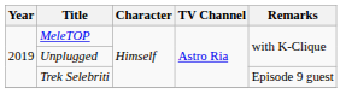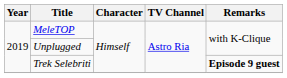 <table class="wikitable">
 <tr>
 <th>Year</th>
 <th>Title</th>
 <th>Character</th>
 <th>TV Channel</th>
 <th>Remarks</th>
 </tr>
 <tr>
 <td rowspan="3">2019</td>
 <td><em><a href='#'>MeleTOP</a></em></td>
 <td rowspan="3"><em>Himself</em></td>
 <td rowspan="3"><a href='#'>Astro Ria</a></td>
 <td rowspan="2">with K-Clique</td>
 </tr>
 <tr>
 <td><em>Unplugged</em></td>
 </tr>
 <tr>
 <td><em>Trek Selebriti</em></td>
-<td>Episode 9 guest</td>
+<td><strong>Episode 9 guest</strong></td>
 </tr>
 <tr>
 </tr>
 </table>
